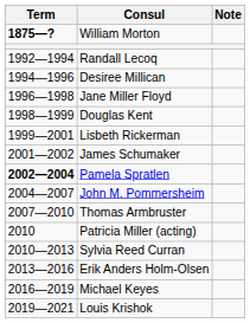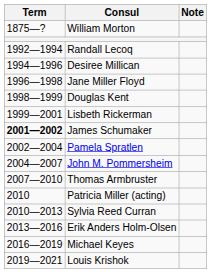 <table class="wikitable">
 <tr>
 <th>Term</th>
 <th>Consul</th>
 <th>Note</th>
 </tr>
 <tr>
-<td><strong>1875—?</strong></td>
+<td>1875—?</td>
 <td>William Morton</td>
 <td></td>
 </tr>
 <tr>
 <td colspan=4 style="background:WhiteSmoke"></td>
 </tr>
 <tr>
 <td>1992—1994</td>
 <td>Randall Lecoq</td>
 <td></td>
 </tr>
 <tr>
 <td>1994—1996</td>
 <td>Desiree Millican</td>
 <td></td>
 </tr>
 <tr>
 <td>1996—1998</td>
 <td>Jane Miller Floyd</td>
 <td></td>
 </tr>
 <tr>
 <td>1998—1999</td>
 <td>Douglas Kent</td>
 <td></td>
 </tr>
 <tr>
 <td>1999—2001</td>
 <td>Lisbeth Rickerman</td>
 <td></td>
 </tr>
 <tr>
-<td>2001—2002</td>
+<td><strong>2001—2002</strong></td>
 <td>James Schumaker</td>
 <td></td>
 </tr>
 <tr https://shoeone.blogspot.com/2000/12/vladivostok-e-gram-index-december-8.html>
-<td><strong>2002—2004</strong></td>
+<td>2002—2004</td>
 <td><a href='#'>Pamela Spratlen</a></td>
 <td></td>
 </tr>
 <tr>
 <td>2004—2007</td>
 <td><a href='#'>John M. Pommersheim</a></td>
 <td></td>
 </tr>
 <tr>
 <td>2007—2010</td>
 <td>Thomas Armbruster</td>
 <td></td>
 </tr>
 <tr>
 <td>2010</td>
 <td>Patricia Miller (acting)</td>
 <td></td>
 </tr>
 <tr>
 <td>2010—2013</td>
 <td>Sylvia Reed Curran</td>
 <td></td>
 </tr>
 <tr>
 <td>2013—2016</td>
 <td>Erik Anders Holm-Olsen</td>
 <td></td>
 </tr>
 <tr>
 <td>2016—2019</td>
 <td>Michael Keyes</td>
 <td></td>
 </tr>
 <tr>
 <td>2019—2021</td>
 <td>Louis Krishok</td>
 <td></td>
 </tr>
 </table>
